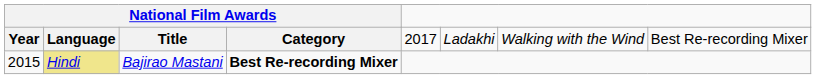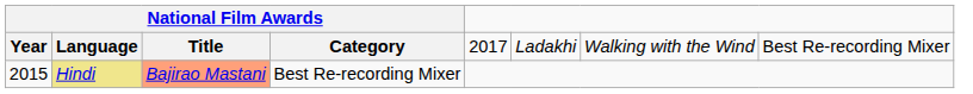 <table class="wikitable sortable">
 <tr>
 <th colspan="4"><strong><a href='#'>National Film Awards</a></strong></th>
 </tr>
 <tr>
 <th rowspan="2">Year</th>
 <th rowspan="2">Language</th>
 <th rowspan="2">Title</th>
 <th rowspan="2">Category</th>
 </tr>
 <tr align="center">
 <td align="center" rowspan="1">2017</td>
 <td align="left"><em>Ladakhi</em></td>
 <td align="left"><em>Walking with the Wind</em></td>
 <td align="left">Best Re-recording Mixer</td>
 </tr>
 <tr align="center">
 <td align="center" rowspan="1">2015</td>
 <td align="left" style="background: khaki;"><em><a href='#'>Hindi</a></em></td>
-<td align="left"><em><a href='#'>Bajirao Mastani</a></em></td>
-<td align="left"><strong>Best Re-recording Mixer</strong></td>
+<td align="left" style="background: lightsalmon;"><em><a href='#'>Bajirao Mastani</a></em></td>
+<td align="left">Best Re-recording Mixer</td>
 </tr>
 </table>
